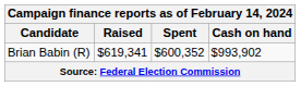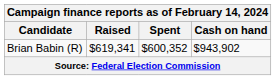 <table class="wikitable sortable">
 <tr>
 <th colspan=4>Campaign finance reports as of February 14, 2024</th>
 </tr>
 <tr style="text-align:center;">
 <th>Candidate</th>
 <th>Raised</th>
 <th>Spent</th>
 <th>Cash on hand</th>
 </tr>
 <tr>
 <td style="background-color:">Brian Babin (R)</td>
 <td>$619,341</td>
 <td>$600,352</td>
-<td>$993,902</td>
+<td>$943,902</td>
 </tr>
 <tr>
 <th colspan="4"><small>Source: <a href='#'>Federal Election Commission</a></small></th>
 </tr>
 </table>
